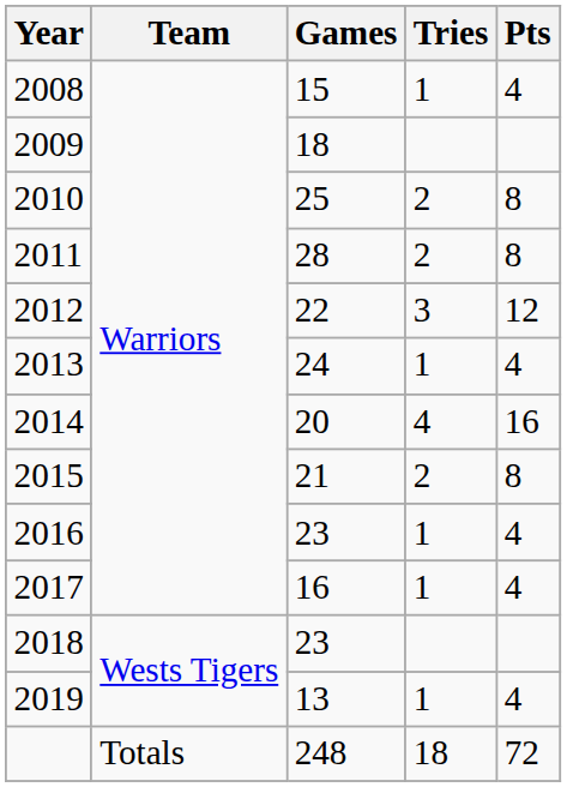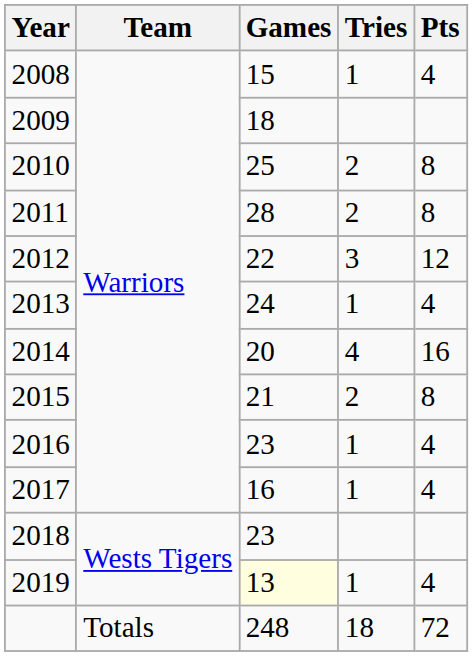 <table class="wikitable">
 <tr>
 <th>Year</th>
 <th>Team</th>
 <th>Games</th>
 <th>Tries</th>
 <th>Pts</th>
 </tr>
 <tr>
 <td>2008</td>
 <td rowspan="10"> <a href='#'>Warriors</a></td>
 <td>15</td>
 <td>1</td>
 <td>4</td>
 </tr>
 <tr>
 <td>2009</td>
 <td>18</td>
 <td></td>
 <td></td>
 </tr>
 <tr>
 <td>2010</td>
 <td>25</td>
 <td>2</td>
 <td>8</td>
 </tr>
 <tr>
 <td>2011</td>
 <td>28</td>
 <td>2</td>
 <td>8</td>
 </tr>
 <tr>
 <td>2012</td>
 <td>22</td>
 <td>3</td>
 <td>12</td>
 </tr>
 <tr>
 <td>2013</td>
 <td>24</td>
 <td>1</td>
 <td>4</td>
 </tr>
 <tr>
 <td>2014</td>
 <td>20</td>
 <td>4</td>
 <td>16</td>
 </tr>
 <tr>
 <td>2015</td>
 <td>21</td>
 <td>2</td>
 <td>8</td>
 </tr>
 <tr>
 <td>2016</td>
 <td>23</td>
 <td>1</td>
 <td>4</td>
 </tr>
 <tr>
 <td>2017</td>
 <td>16</td>
 <td>1</td>
 <td>4</td>
 </tr>
 <tr>
 <td>2018</td>
 <td rowspan="2"> <a href='#'>Wests Tigers</a></td>
 <td>23</td>
 <td></td>
 <td></td>
 </tr>
 <tr>
 <td>2019</td>
-<td>13</td>
+<td style="background: lightyellow;">13</td>
 <td>1</td>
 <td>4</td>
 </tr>
 <tr>
 <td></td>
 <td>Totals</td>
 <td>248</td>
 <td>18</td>
 <td>72</td>
 </tr>
 </table>
